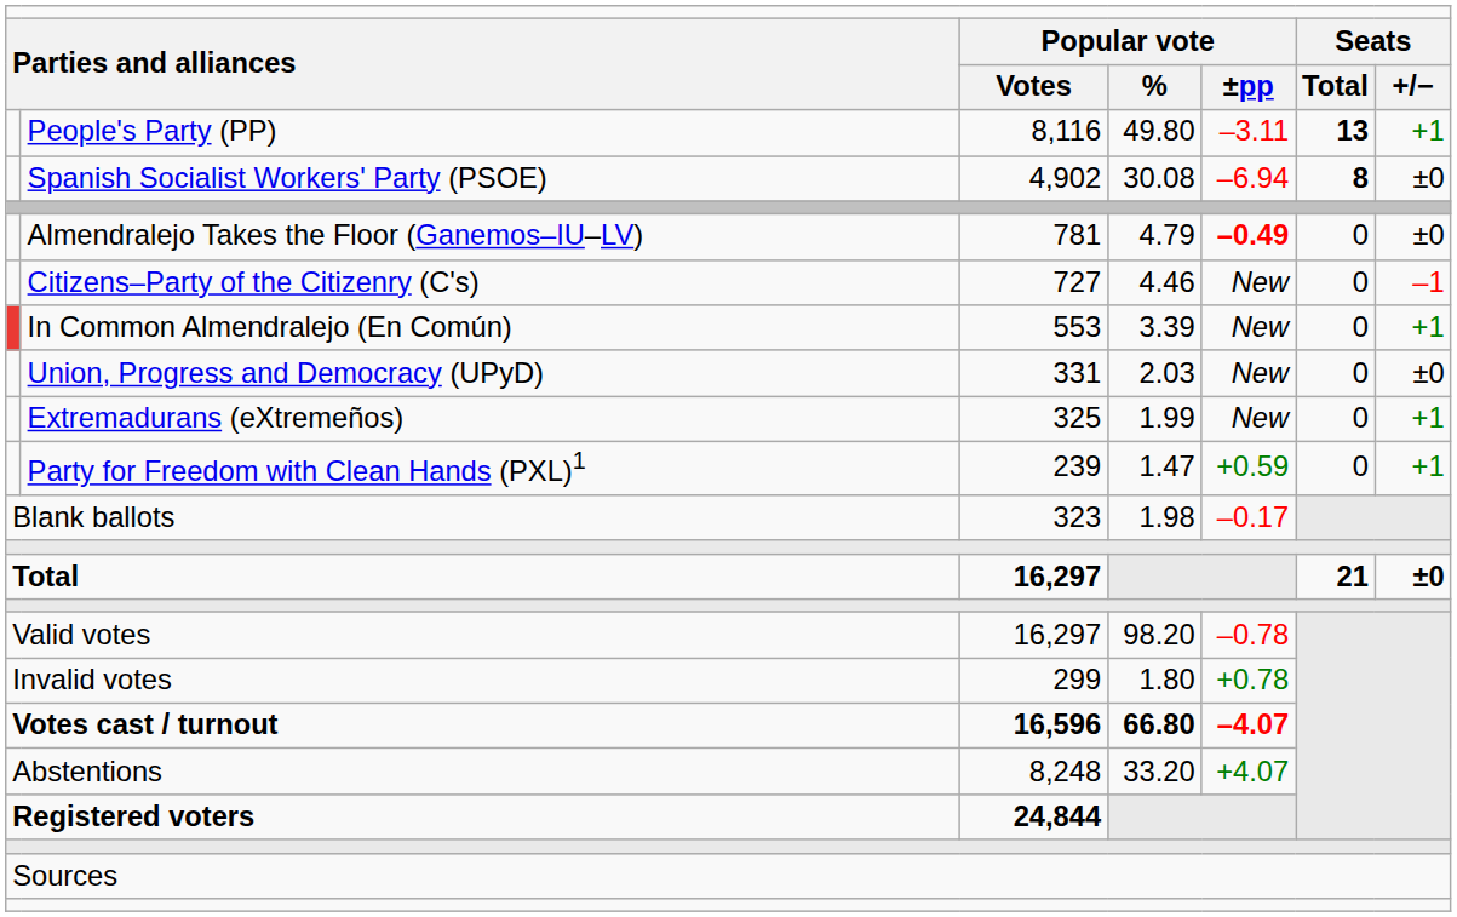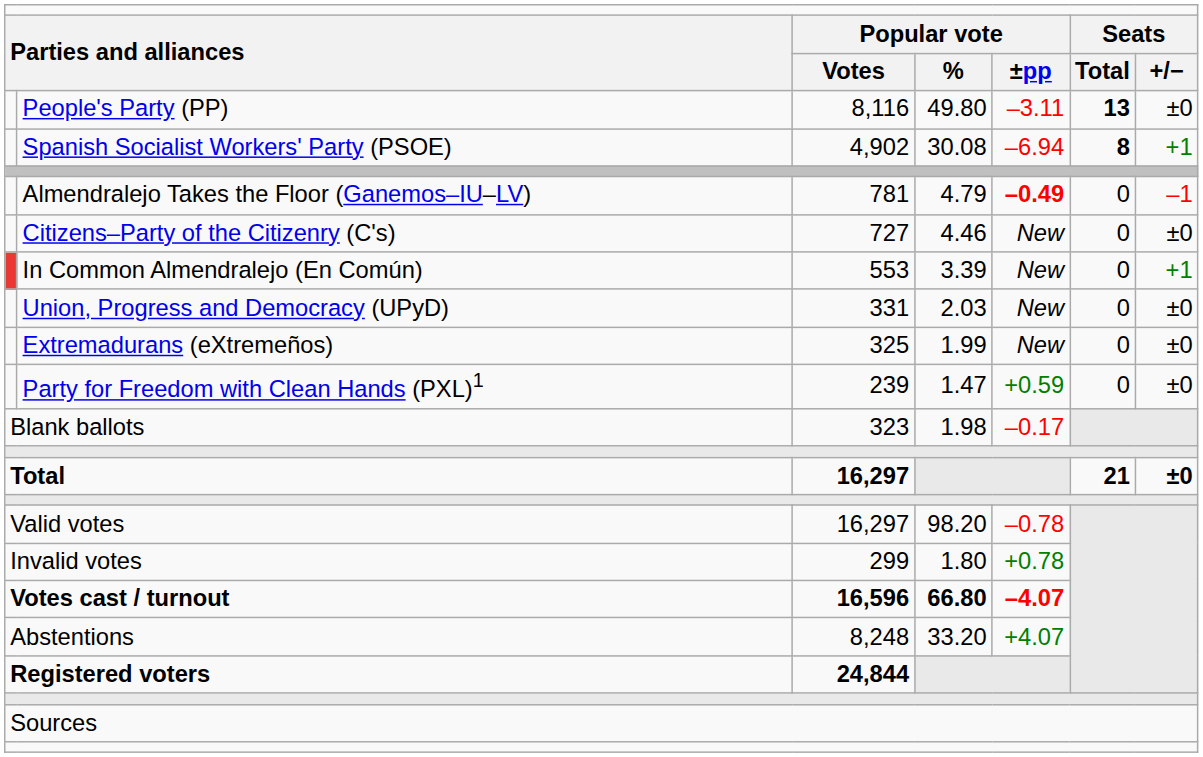 <table class="wikitable" style="text-align:right;">
 <tr>
 <td colspan="7"></td>
 </tr>
 <tr>
 <th style="text-align:left;" rowspan="2" colspan="2" width="525">Parties and alliances</th>
 <th colspan="3">Popular vote</th>
 <th colspan="2">Seats</th>
 </tr>
 <tr>
 <th width="75">Votes</th>
 <th width="45">%</th>
 <th width="45">±<a href='#'>pp</a></th>
 <th width="35">Total</th>
 <th width="35">+/−</th>
 </tr>
 <tr>
 <td width="1" style="color:inherit;background:"></td>
 <td align="left"><a href='#'>People's Party</a> (PP)</td>
 <td>8,116</td>
 <td>49.80</td>
 <td style="color:red;">–3.11</td>
 <td><strong>13</strong></td>
-<td style="color:green;">+1</td>
+<td>±0</td>
 </tr>
 <tr>
 <td style="color:inherit;background:"></td>
 <td align="left"><a href='#'>Spanish Socialist Workers' Party</a> (PSOE)</td>
 <td>4,902</td>
 <td>30.08</td>
 <td style="color:red;">–6.94</td>
 <td><strong>8</strong></td>
-<td>±0</td>
+<td style="color:green;">+1</td>
 </tr>
 <tr>
 <td colspan="7" bgcolor="#C0C0C0"></td>
 </tr>
 <tr>
 <td style="color:inherit;background:"></td>
 <td align="left">Almendralejo Takes the Floor (<a href='#'>Ganemos–IU</a>–<a href='#'>LV</a>)</td>
 <td>781</td>
 <td>4.79</td>
 <td style="color:red;"><strong>–0.49</strong></td>
 <td>0</td>
-<td>±0</td>
+<td style="color:red;">–1</td>
 </tr>
 <tr>
 <td style="color:inherit;background:"></td>
 <td align="left"><a href='#'>Citizens–Party of the Citizenry</a> (C's)</td>
 <td>727</td>
 <td>4.46</td>
 <td><em>New</em></td>
 <td>0</td>
-<td style="color:red;">–1</td>
+<td>±0</td>
 </tr>
 <tr>
 <td bgcolor="#EA3934"></td>
 <td align="left">In Common Almendralejo (En Común)</td>
 <td>553</td>
 <td>3.39</td>
 <td><em>New</em></td>
 <td>0</td>
 <td style="color:green;">+1</td>
 </tr>
 <tr>
 <td style="color:inherit;background:"></td>
 <td align="left"><a href='#'>Union, Progress and Democracy</a> (UPyD)</td>
 <td>331</td>
 <td>2.03</td>
 <td><em>New</em></td>
 <td>0</td>
 <td>±0</td>
 </tr>
 <tr>
 <td style="color:inherit;background:"></td>
 <td align="left"><a href='#'>Extremadurans</a> (eXtremeños)</td>
 <td>325</td>
 <td>1.99</td>
 <td><em>New</em></td>
 <td>0</td>
-<td style="color:green;">+1</td>
+<td>±0</td>
 </tr>
 <tr>
 <td style="color:inherit;background:"></td>
 <td align="left"><a href='#'>Party for Freedom with Clean Hands</a> (PXL)<sup>1</sup></td>
 <td>239</td>
 <td>1.47</td>
 <td style="color:green;">+0.59</td>
 <td>0</td>
-<td style="color:green;">+1</td>
+<td>±0</td>
 </tr>
 <tr>
 <td align="left" colspan="2">Blank ballots</td>
 <td>323</td>
 <td>1.98</td>
 <td style="color:red;">–0.17</td>
 <td bgcolor="#E9E9E9" colspan="2"></td>
 </tr>
 <tr>
 <td colspan="7" bgcolor="#E9E9E9"></td>
 </tr>
 <tr style="font-weight:bold;">
 <td align="left" colspan="2">Total</td>
 <td>16,297</td>
 <td bgcolor="#E9E9E9" colspan="2"></td>
 <td>21</td>
 <td>±0</td>
 </tr>
 <tr>
 <td colspan="7" bgcolor="#E9E9E9"></td>
 </tr>
 <tr>
 <td align="left" colspan="2">Valid votes</td>
 <td>16,297</td>
 <td>98.20</td>
 <td style="color:red;">–0.78</td>
 <td bgcolor="#E9E9E9" colspan="2" rowspan="5"></td>
 </tr>
 <tr>
 <td align="left" colspan="2">Invalid votes</td>
 <td>299</td>
 <td>1.80</td>
 <td style="color:green;">+0.78</td>
 </tr>
 <tr style="font-weight:bold;">
 <td align="left" colspan="2">Votes cast / turnout</td>
 <td>16,596</td>
 <td>66.80</td>
 <td style="color:red;">–4.07</td>
 </tr>
 <tr>
 <td align="left" colspan="2">Abstentions</td>
 <td>8,248</td>
 <td>33.20</td>
 <td style="color:green;">+4.07</td>
 </tr>
 <tr style="font-weight:bold;">
 <td align="left" colspan="2">Registered voters</td>
 <td>24,844</td>
 <td bgcolor="#E9E9E9" colspan="2"></td>
 </tr>
 <tr>
 <td colspan="7" bgcolor="#E9E9E9"></td>
 </tr>
 <tr>
 <td align="left" colspan="7">Sources</td>
 </tr>
 <tr>
 <td colspan="7" style="text-align:left; max-width:790px;"></td>
 </tr>
 </table>
